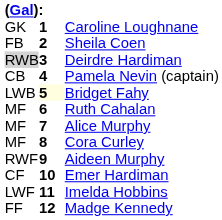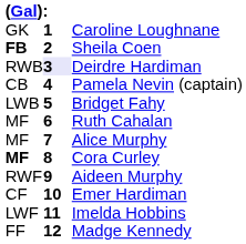 <table style="font-size: 90%" cellspacing="0" cellpadding="0" align=center>
 <tr>
 <td colspan="4"><strong> (<a href='#'>Gal</a>):</strong></td>
 </tr>
 <tr>
 <th width="25"></th>
 <th width="25"></th>
 </tr>
 <tr>
 <td>GK</td>
 <td><strong>1</strong></td>
 <td><a href='#'>Caroline Loughnane</a></td>
 </tr>
 <tr>
-<td>FB</td>
+<td><strong>FB</strong></td>
 <td><strong>2</strong></td>
 <td><a href='#'>Sheila Coen</a></td>
 </tr>
 <tr>
-<td style="background: lightgrey;">RWB</td>
-<td><strong>3</strong></td>
+<td>RWB</td>
+<td style="background: lavender;"><strong>3</strong></td>
 <td><a href='#'>Deirdre Hardiman</a></td>
 </tr>
 <tr>
 <td>CB</td>
 <td><strong>4</strong></td>
 <td><a href='#'>Pamela Nevin</a> (captain)</td>
 </tr>
 <tr>
 <td>LWB</td>
-<td style="background: lightyellow;"><strong>5</strong></td>
+<td><strong>5</strong></td>
 <td><a href='#'>Bridget Fahy</a></td>
 </tr>
 <tr>
 <td>MF</td>
 <td><strong>6</strong></td>
 <td><a href='#'>Ruth Cahalan</a></td>
 </tr>
 <tr>
 <td>MF</td>
 <td><strong>7</strong></td>
 <td><a href='#'>Alice Murphy</a></td>
 </tr>
 <tr>
-<td>MF</td>
+<td><strong>MF</strong></td>
 <td><strong>8</strong></td>
 <td><a href='#'>Cora Curley</a></td>
 </tr>
 <tr>
 <td>RWF</td>
 <td><strong>9</strong></td>
 <td><a href='#'>Aideen Murphy</a></td>
 </tr>
 <tr>
 <td>CF</td>
 <td><strong>10</strong></td>
 <td><a href='#'>Emer Hardiman</a></td>
 </tr>
 <tr>
 <td>LWF</td>
 <td><strong>11</strong></td>
 <td><a href='#'>Imelda Hobbins</a></td>
 </tr>
 <tr>
 <td>FF</td>
 <td><strong>12</strong></td>
 <td><a href='#'>Madge Kennedy</a></td>
 </tr>
 <tr>
 </tr>
 </table>
